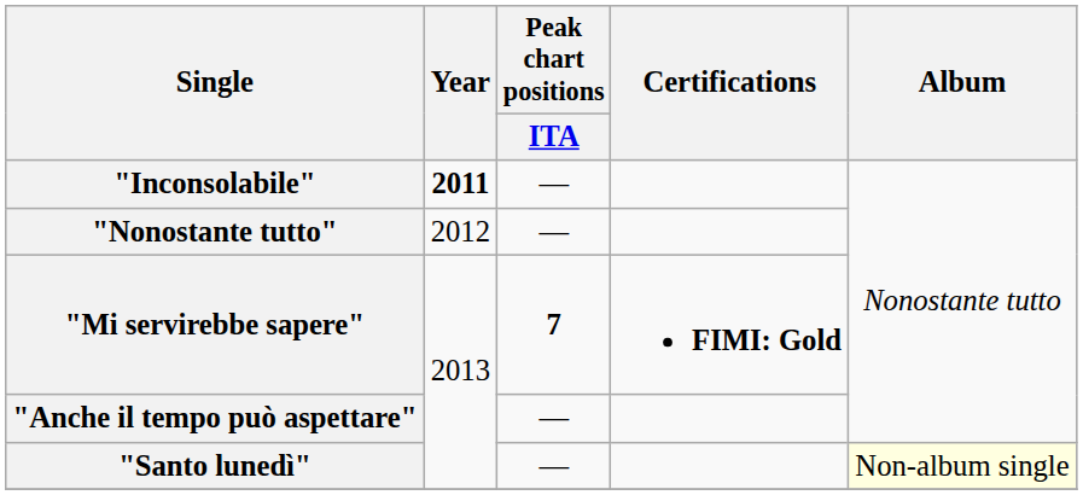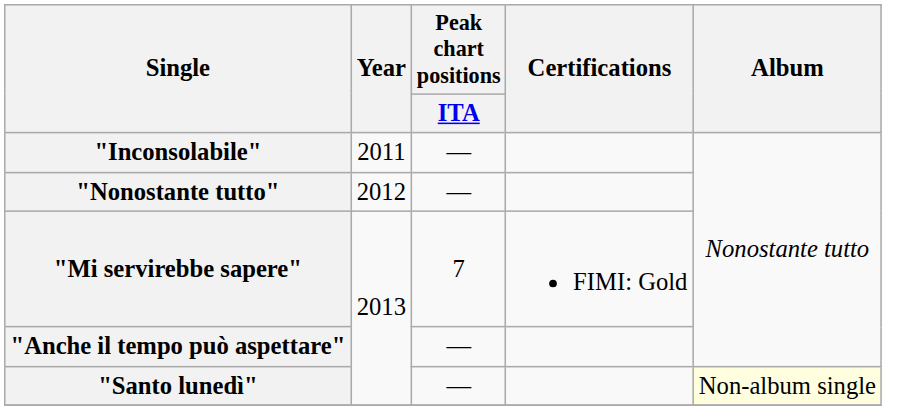 <table class="wikitable plainrowheaders" style="text-align:center;" border="1">
 <tr>
 <th rowspan="2" scope="column">Single</th>
 <th rowspan="2" scope="column">Year</th>
 <th scope="col" style="width:3em;font-size:90%;">Peak chart<br>positions</th>
 <th rowspan="2" scope="column">Certifications</th>
 <th rowspan="2" style="text-align:center;">Album</th>
 </tr>
 <tr>
 <th scope="column"><a href='#'>ITA</a><br></th>
 </tr>
 <tr>
 <th scope="row">"Inconsolabile"</th>
-<td><strong>2011</strong></td>
+<td>2011</td>
 <td>—</td>
 <td></td>
 <td rowspan="4"><em>Nonostante tutto</em></td>
 </tr>
 <tr>
 <th scope="row">"Nonostante tutto"</th>
 <td>2012</td>
 <td>—</td>
 <td></td>
 </tr>
 <tr>
 <th scope="row">"Mi servirebbe sapere"</th>
 <td rowspan="3">2013</td>
-<td><strong>7</strong></td>
-<td><strong><br><ul><li>FIMI: Gold</li></ul></strong></td>
+<td>7</td>
+<td><br><ul><li>FIMI: Gold</li></ul></td>
 </tr>
 <tr>
 <th scope="row">"Anche il tempo può aspettare"</th>
 <td>—</td>
 <td></td>
 </tr>
 <tr>
 <th scope="row">"Santo lunedì"</th>
 <td>—</td>
 <td></td>
 <td style="background: lightyellow;">Non-album single</td>
 </tr>
 <tr>
 </tr>
 </table>
